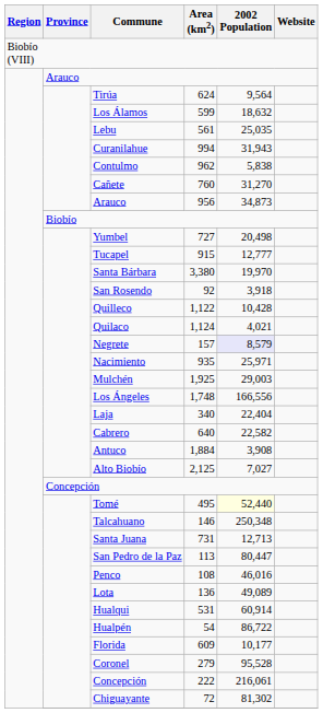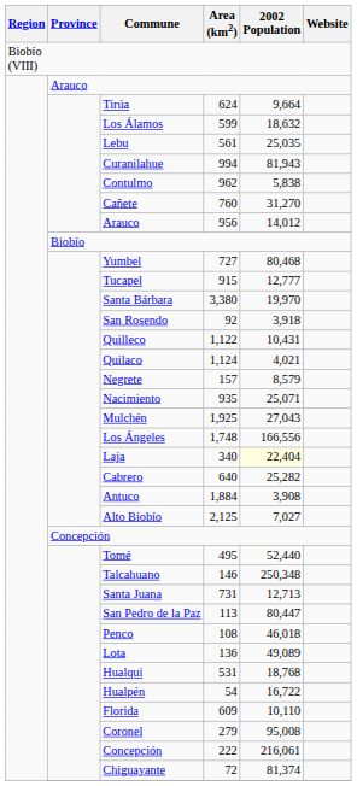 <table class="wikitable sortable" style="text-align:left; text-valign:top;">
 <tr>
 <th scope="col"><a href='#'>Region</a></th>
 <th scope="col"><a href='#'>Province</a></th>
 <th scope="col">Commune</th>
 <th scope="col">Area<br>(km<sup>2</sup>)</th>
 <th scope="col">2002<br>Population</th>
 <th scope="col">Website</th>
 </tr>
 <tr>
 <td colspan="6" valign="top">Biobío<br>(VIII)</td>
 </tr>
 <tr>
 <td rowspan="58"></td>
 <td colspan="5" valign="top"><a href='#'>Arauco</a></td>
 </tr>
 <tr>
 <td rowspan="7"></td>
 <td><a href='#'>Tirúa</a></td>
 <td align="right">624</td>
-<td align="right">9,564</td>
+<td align="right">9,664</td>
 <td align="right"></td>
 </tr>
 <tr>
 <td><a href='#'>Los Álamos</a></td>
 <td align="right">599</td>
 <td align="right">18,632</td>
 <td align="right"></td>
 </tr>
 <tr>
 <td><a href='#'>Lebu</a></td>
 <td align="right">561</td>
 <td align="right">25,035</td>
 <td align="right"></td>
 </tr>
 <tr>
 <td><a href='#'>Curanilahue</a></td>
 <td align="right">994</td>
-<td align="right">31,943</td>
+<td align="right">81,943</td>
 <td align="right"></td>
 </tr>
 <tr>
 <td><a href='#'>Contulmo</a></td>
 <td align="right">962</td>
 <td align="right">5,838</td>
 <td align="right"></td>
 </tr>
 <tr>
 <td><a href='#'>Cañete</a></td>
 <td align="right">760</td>
 <td align="right">31,270</td>
 <td align="right"></td>
 </tr>
 <tr>
 <td><a href='#'>Arauco</a></td>
 <td align="right">956</td>
-<td align="right">34,873</td>
+<td align="right">14,012</td>
 <td align="right"></td>
 </tr>
 <tr>
 <td colspan="5" valign="top"><a href='#'>Biobío</a></td>
 </tr>
 <tr>
 <td rowspan="14"></td>
 <td><a href='#'>Yumbel</a></td>
 <td align="right">727</td>
-<td align="right">20,498</td>
+<td align="right">80,468</td>
 <td align="right"></td>
 </tr>
 <tr>
 <td><a href='#'>Tucapel</a></td>
 <td align="right">915</td>
 <td align="right">12,777</td>
 <td align="right"></td>
 </tr>
 <tr>
 <td><a href='#'>Santa Bárbara</a></td>
 <td align="right">3,380</td>
 <td align="right">19,970</td>
 <td align="right"></td>
 </tr>
 <tr>
 <td><a href='#'>San Rosendo</a></td>
 <td align="right">92</td>
 <td align="right">3,918</td>
 <td align="right"></td>
 </tr>
 <tr>
 <td><a href='#'>Quilleco</a></td>
 <td align="right">1,122</td>
-<td align="right">10,428</td>
+<td align="right">10,431</td>
 <td align="right"></td>
 </tr>
 <tr>
 <td><a href='#'>Quilaco</a></td>
 <td align="right">1,124</td>
 <td align="right">4,021</td>
 <td align="right"></td>
 </tr>
 <tr>
 <td><a href='#'>Negrete</a></td>
 <td align="right">157</td>
-<td align="right" style="background: lavender;">8,579</td>
+<td align="right">8,579</td>
 <td align="right"></td>
 </tr>
 <tr>
 <td><a href='#'>Nacimiento</a></td>
 <td align="right">935</td>
-<td align="right">25,971</td>
+<td align="right">25,071</td>
 <td align="right"></td>
 </tr>
 <tr>
 <td><a href='#'>Mulchén</a></td>
 <td align="right">1,925</td>
-<td align="right">29,003</td>
+<td align="right">27,043</td>
 <td align="right"></td>
 </tr>
 <tr>
 <td><a href='#'>Los Ángeles</a></td>
 <td align="right">1,748</td>
 <td align="right">166,556</td>
 <td align="right"></td>
 </tr>
 <tr>
 <td><a href='#'>Laja</a></td>
 <td align="right">340</td>
-<td align="right">22,404</td>
+<td align="right" style="background: lightyellow;">22,404</td>
 <td align="right"></td>
 </tr>
 <tr>
 <td><a href='#'>Cabrero</a></td>
 <td align="right">640</td>
-<td align="right">22,582</td>
+<td align="right">25,282</td>
 <td align="right"></td>
 </tr>
 <tr>
 <td><a href='#'>Antuco</a></td>
 <td align="right">1,884</td>
 <td align="right">3,908</td>
 <td align="right"></td>
 </tr>
 <tr>
 <td><a href='#'>Alto Biobío</a></td>
 <td align="right">2,125</td>
 <td align="right">7,027</td>
 <td align="right"></td>
 </tr>
 <tr>
 <td colspan="5" valign="top"><a href='#'>Concepción</a></td>
 </tr>
 <tr>
 <td rowspan="12"></td>
 <td><a href='#'>Tomé</a></td>
 <td align="right">495</td>
-<td align="right" style="background: lightyellow;">52,440</td>
+<td align="right">52,440</td>
 <td align="right"></td>
 </tr>
 <tr>
 <td><a href='#'>Talcahuano</a></td>
 <td align="right">146</td>
 <td align="right">250,348</td>
 <td align="right"></td>
 </tr>
 <tr>
 <td><a href='#'>Santa Juana</a></td>
 <td align="right">731</td>
 <td align="right">12,713</td>
 <td align="right"></td>
 </tr>
 <tr>
 <td><a href='#'>San Pedro de la Paz</a></td>
 <td align="right">113</td>
 <td align="right">80,447</td>
 <td align="right"></td>
 </tr>
 <tr>
 <td><a href='#'>Penco</a></td>
 <td align="right">108</td>
-<td align="right">46,016</td>
+<td align="right">46,018</td>
 <td align="right"></td>
 </tr>
 <tr>
 <td><a href='#'>Lota</a></td>
 <td align="right">136</td>
 <td align="right">49,089</td>
 <td align="right"></td>
 </tr>
 <tr>
 <td><a href='#'>Hualqui</a></td>
 <td align="right">531</td>
-<td align="right">60,914</td>
+<td align="right">18,768</td>
 <td align="right"></td>
 </tr>
 <tr>
 <td><a href='#'>Hualpén</a></td>
 <td align="right">54</td>
-<td align="right">86,722</td>
+<td align="right">16,722</td>
 <td align="right"></td>
 </tr>
 <tr>
 <td><a href='#'>Florida</a></td>
 <td align="right">609</td>
-<td align="right">10,177</td>
+<td align="right">10,110</td>
 <td align="right"></td>
 </tr>
 <tr>
 <td><a href='#'>Coronel</a></td>
 <td align="right">279</td>
-<td align="right">95,528</td>
+<td align="right">95,008</td>
 <td align="right"></td>
 </tr>
 <tr>
 <td><a href='#'>Concepción</a></td>
 <td align="right">222</td>
 <td align="right">216,061</td>
 <td align="right"></td>
 </tr>
 <tr>
 <td><a href='#'>Chiguayante</a></td>
 <td align="right">72</td>
-<td align="right">81,302</td>
+<td align="right">81,374</td>
 <td align="right"></td>
 </tr>
 <tr>
 </tr>
 </table>
